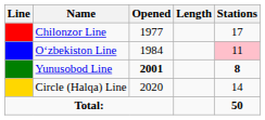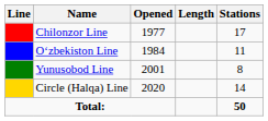 <table class="wikitable" style="text-align: center;">
 <tr>
 <th>Line</th>
 <th>Name</th>
 <th>Opened</th>
 <th>Length</th>
 <th>Stations</th>
 </tr>
 <tr>
 <td style="background: red;"></td>
 <td style="text-align: left;"><a href='#'>Chilonzor Line</a></td>
 <td>1977</td>
 <td></td>
 <td>17</td>
 </tr>
 <tr>
 <td style="background: blue;"></td>
 <td style="text-align: left;"><a href='#'>Oʻzbekiston Line</a></td>
 <td>1984</td>
 <td></td>
-<td style="background: pink;">11</td>
+<td>11</td>
 </tr>
 <tr>
 <td style="background: green;"></td>
 <td style="text-align: left;"><a href='#'>Yunusobod Line</a></td>
-<td><strong>2001</strong></td>
+<td>2001</td>
 <td></td>
-<td><strong>8</strong></td>
+<td>8</td>
 </tr>
 <tr>
 <td style="background: gold;"></td>
 <td style="text-align: left;">Circle (Halqa) Line</td>
 <td>2020</td>
 <td></td>
 <td>14</td>
 </tr>
 <tr>
 <td colspan="3" style="text-align: center;"><strong>Total:</strong></td>
 <td><strong></strong></td>
 <td><strong>50</strong></td>
 </tr>
 </table>
